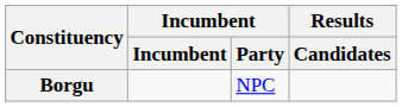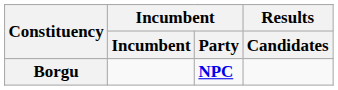 <table class="wikitable sortable">
 <tr>
 <th rowspan="2">Constituency</th>
 <th colspan="2">Incumbent</th>
 <th>Results</th>
 </tr>
 <tr valign="bottom">
 <th>Incumbent</th>
 <th>Party</th>
 <th>Candidates</th>
 </tr>
 <tr>
 <th>Borgu</th>
 <td></td>
-<td><a href='#'>NPC</a></td>
+<td><strong><a href='#'>NPC</a></strong></td>
 <td nowrap=""></td>
 </tr>
 </table>
